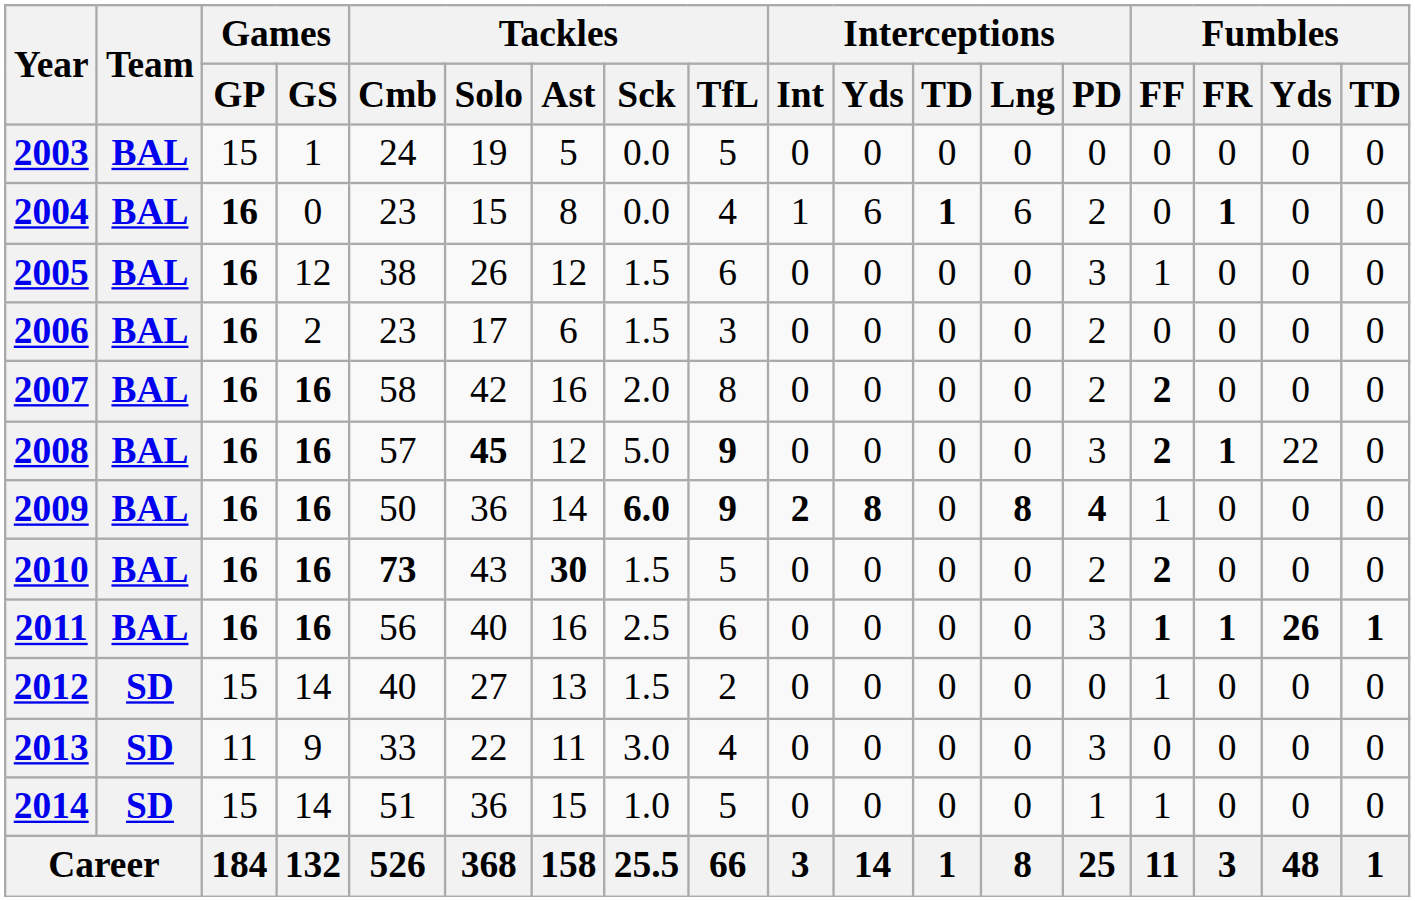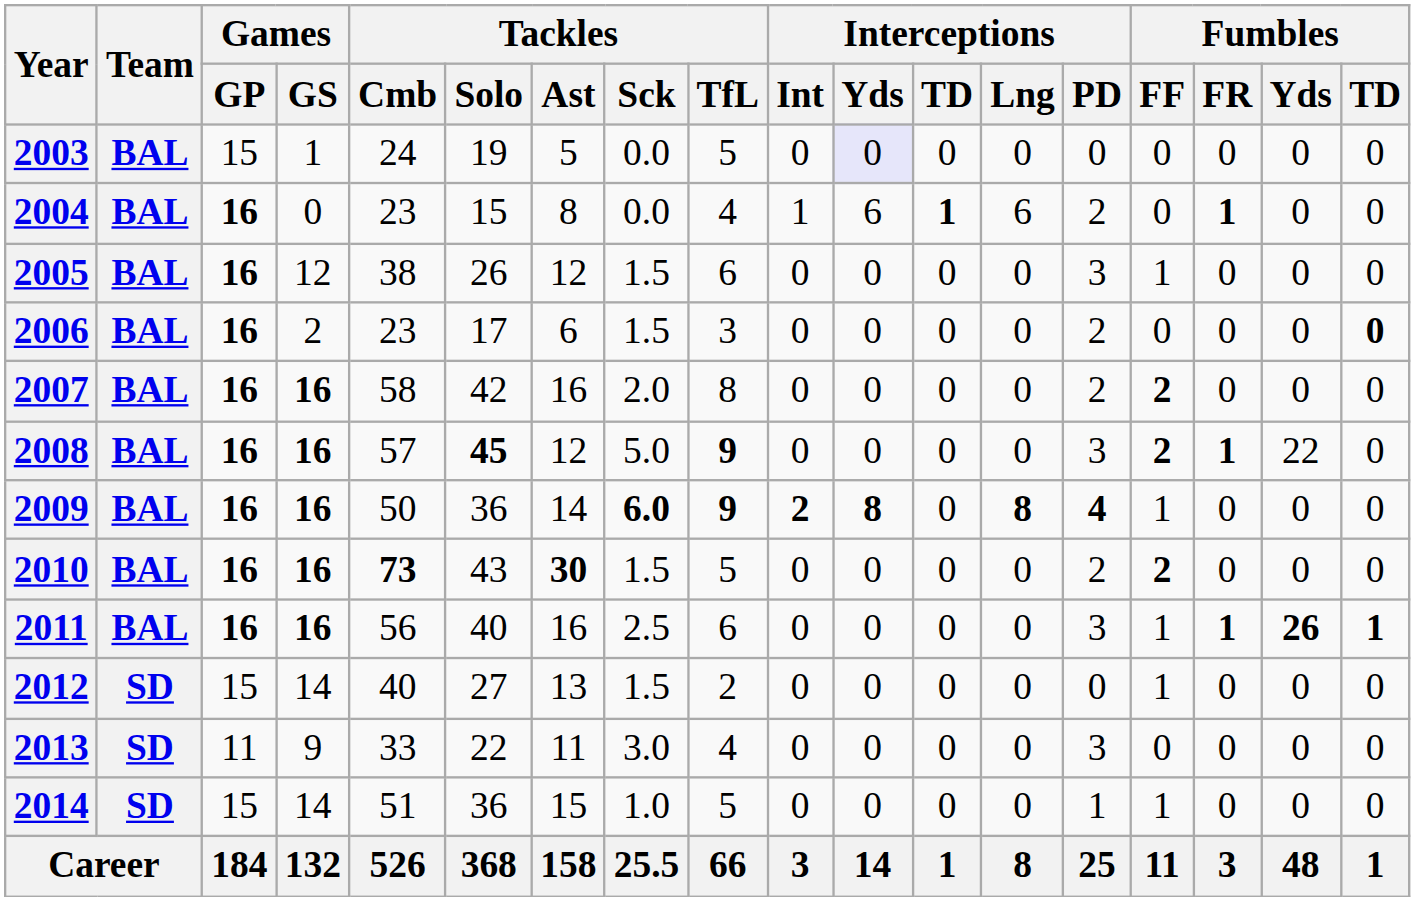 <table class="wikitable" style="text-align:center;">
 <tr>
 <th rowspan="2">Year</th>
 <th rowspan="2">Team</th>
 <th colspan="2">Games</th>
 <th colspan="5">Tackles</th>
 <th colspan="5">Interceptions</th>
 <th colspan="4">Fumbles</th>
 </tr>
 <tr>
 <th>GP</th>
 <th>GS</th>
 <th>Cmb</th>
 <th>Solo</th>
 <th>Ast</th>
 <th>Sck</th>
 <th>TfL</th>
 <th>Int</th>
 <th>Yds</th>
 <th>TD</th>
 <th>Lng</th>
 <th>PD</th>
 <th>FF</th>
 <th>FR</th>
 <th>Yds</th>
 <th>TD</th>
 </tr>
 <tr>
 <th><a href='#'>2003</a></th>
 <th><a href='#'>BAL</a></th>
 <td>15</td>
 <td>1</td>
 <td>24</td>
 <td>19</td>
 <td>5</td>
 <td>0.0</td>
 <td>5</td>
 <td>0</td>
-<td>0</td>
+<td style="background: lavender;">0</td>
 <td>0</td>
 <td>0</td>
 <td>0</td>
 <td>0</td>
 <td>0</td>
 <td>0</td>
 <td>0</td>
 </tr>
 <tr>
 <th><a href='#'>2004</a></th>
 <th><a href='#'>BAL</a></th>
 <td><strong>16</strong></td>
 <td>0</td>
 <td>23</td>
 <td>15</td>
 <td>8</td>
 <td>0.0</td>
 <td>4</td>
 <td>1</td>
 <td>6</td>
 <td><strong>1</strong></td>
 <td>6</td>
 <td>2</td>
 <td>0</td>
 <td><strong>1</strong></td>
 <td>0</td>
 <td>0</td>
 </tr>
 <tr>
 <th><a href='#'>2005</a></th>
 <th><a href='#'>BAL</a></th>
 <td><strong>16</strong></td>
 <td>12</td>
 <td>38</td>
 <td>26</td>
 <td>12</td>
 <td>1.5</td>
 <td>6</td>
 <td>0</td>
 <td>0</td>
 <td>0</td>
 <td>0</td>
 <td>3</td>
 <td>1</td>
 <td>0</td>
 <td>0</td>
 <td>0</td>
 </tr>
 <tr>
 <th><a href='#'>2006</a></th>
 <th><a href='#'>BAL</a></th>
 <td><strong>16</strong></td>
 <td>2</td>
 <td>23</td>
 <td>17</td>
 <td>6</td>
 <td>1.5</td>
 <td>3</td>
 <td>0</td>
 <td>0</td>
 <td>0</td>
 <td>0</td>
 <td>2</td>
 <td>0</td>
 <td>0</td>
 <td>0</td>
-<td>0</td>
+<td><strong>0</strong></td>
 </tr>
 <tr>
 <th><a href='#'>2007</a></th>
 <th><a href='#'>BAL</a></th>
 <td><strong>16</strong></td>
 <td><strong>16</strong></td>
 <td>58</td>
 <td>42</td>
 <td>16</td>
 <td>2.0</td>
 <td>8</td>
 <td>0</td>
 <td>0</td>
 <td>0</td>
 <td>0</td>
 <td>2</td>
 <td><strong>2</strong></td>
 <td>0</td>
 <td>0</td>
 <td>0</td>
 </tr>
 <tr>
 <th><a href='#'>2008</a></th>
 <th><a href='#'>BAL</a></th>
 <td><strong>16</strong></td>
 <td><strong>16</strong></td>
 <td>57</td>
 <td><strong>45</strong></td>
 <td>12</td>
 <td>5.0</td>
 <td><strong>9</strong></td>
 <td>0</td>
 <td>0</td>
 <td>0</td>
 <td>0</td>
 <td>3</td>
 <td><strong>2</strong></td>
 <td><strong>1</strong></td>
 <td>22</td>
 <td>0</td>
 </tr>
 <tr>
 <th><a href='#'>2009</a></th>
 <th><a href='#'>BAL</a></th>
 <td><strong>16</strong></td>
 <td><strong>16</strong></td>
 <td>50</td>
 <td>36</td>
 <td>14</td>
 <td><strong>6.0</strong></td>
 <td><strong>9</strong></td>
 <td><strong>2</strong></td>
 <td><strong>8</strong></td>
 <td>0</td>
 <td><strong>8</strong></td>
 <td><strong>4</strong></td>
 <td>1</td>
 <td>0</td>
 <td>0</td>
 <td>0</td>
 </tr>
 <tr>
 <th><a href='#'>2010</a></th>
 <th><a href='#'>BAL</a></th>
 <td><strong>16</strong></td>
 <td><strong>16</strong></td>
 <td><strong>73</strong></td>
 <td>43</td>
 <td><strong>30</strong></td>
 <td>1.5</td>
 <td>5</td>
 <td>0</td>
 <td>0</td>
 <td>0</td>
 <td>0</td>
 <td>2</td>
 <td><strong>2</strong></td>
 <td>0</td>
 <td>0</td>
 <td>0</td>
 </tr>
 <tr>
 <th><a href='#'>2011</a></th>
 <th><a href='#'>BAL</a></th>
 <td><strong>16</strong></td>
 <td><strong>16</strong></td>
 <td>56</td>
 <td>40</td>
 <td>16</td>
 <td>2.5</td>
 <td>6</td>
 <td>0</td>
 <td>0</td>
 <td>0</td>
 <td>0</td>
 <td>3</td>
-<td><strong>1</strong></td>
+<td>1</td>
 <td><strong>1</strong></td>
 <td><strong>26</strong></td>
 <td><strong>1</strong></td>
 </tr>
 <tr>
 <th><a href='#'>2012</a></th>
 <th><a href='#'>SD</a></th>
 <td>15</td>
 <td>14</td>
 <td>40</td>
 <td>27</td>
 <td>13</td>
 <td>1.5</td>
 <td>2</td>
 <td>0</td>
 <td>0</td>
 <td>0</td>
 <td>0</td>
 <td>0</td>
 <td>1</td>
 <td>0</td>
 <td>0</td>
 <td>0</td>
 </tr>
 <tr>
 <th><a href='#'>2013</a></th>
 <th><a href='#'>SD</a></th>
 <td>11</td>
 <td>9</td>
 <td>33</td>
 <td>22</td>
 <td>11</td>
 <td>3.0</td>
 <td>4</td>
 <td>0</td>
 <td>0</td>
 <td>0</td>
 <td>0</td>
 <td>3</td>
 <td>0</td>
 <td>0</td>
 <td>0</td>
 <td>0</td>
 </tr>
 <tr>
 <th><a href='#'>2014</a></th>
 <th><a href='#'>SD</a></th>
 <td>15</td>
 <td>14</td>
 <td>51</td>
 <td>36</td>
 <td>15</td>
 <td>1.0</td>
 <td>5</td>
 <td>0</td>
 <td>0</td>
 <td>0</td>
 <td>0</td>
 <td>1</td>
 <td>1</td>
 <td>0</td>
 <td>0</td>
 <td>0</td>
 </tr>
 <tr>
 <th colspan="2">Career</th>
 <th>184</th>
 <th>132</th>
 <th>526</th>
 <th>368</th>
 <th>158</th>
 <th>25.5</th>
 <th>66</th>
 <th>3</th>
 <th>14</th>
 <th>1</th>
 <th>8</th>
 <th>25</th>
 <th>11</th>
 <th>3</th>
 <th>48</th>
 <th>1</th>
 </tr>
 </table>
